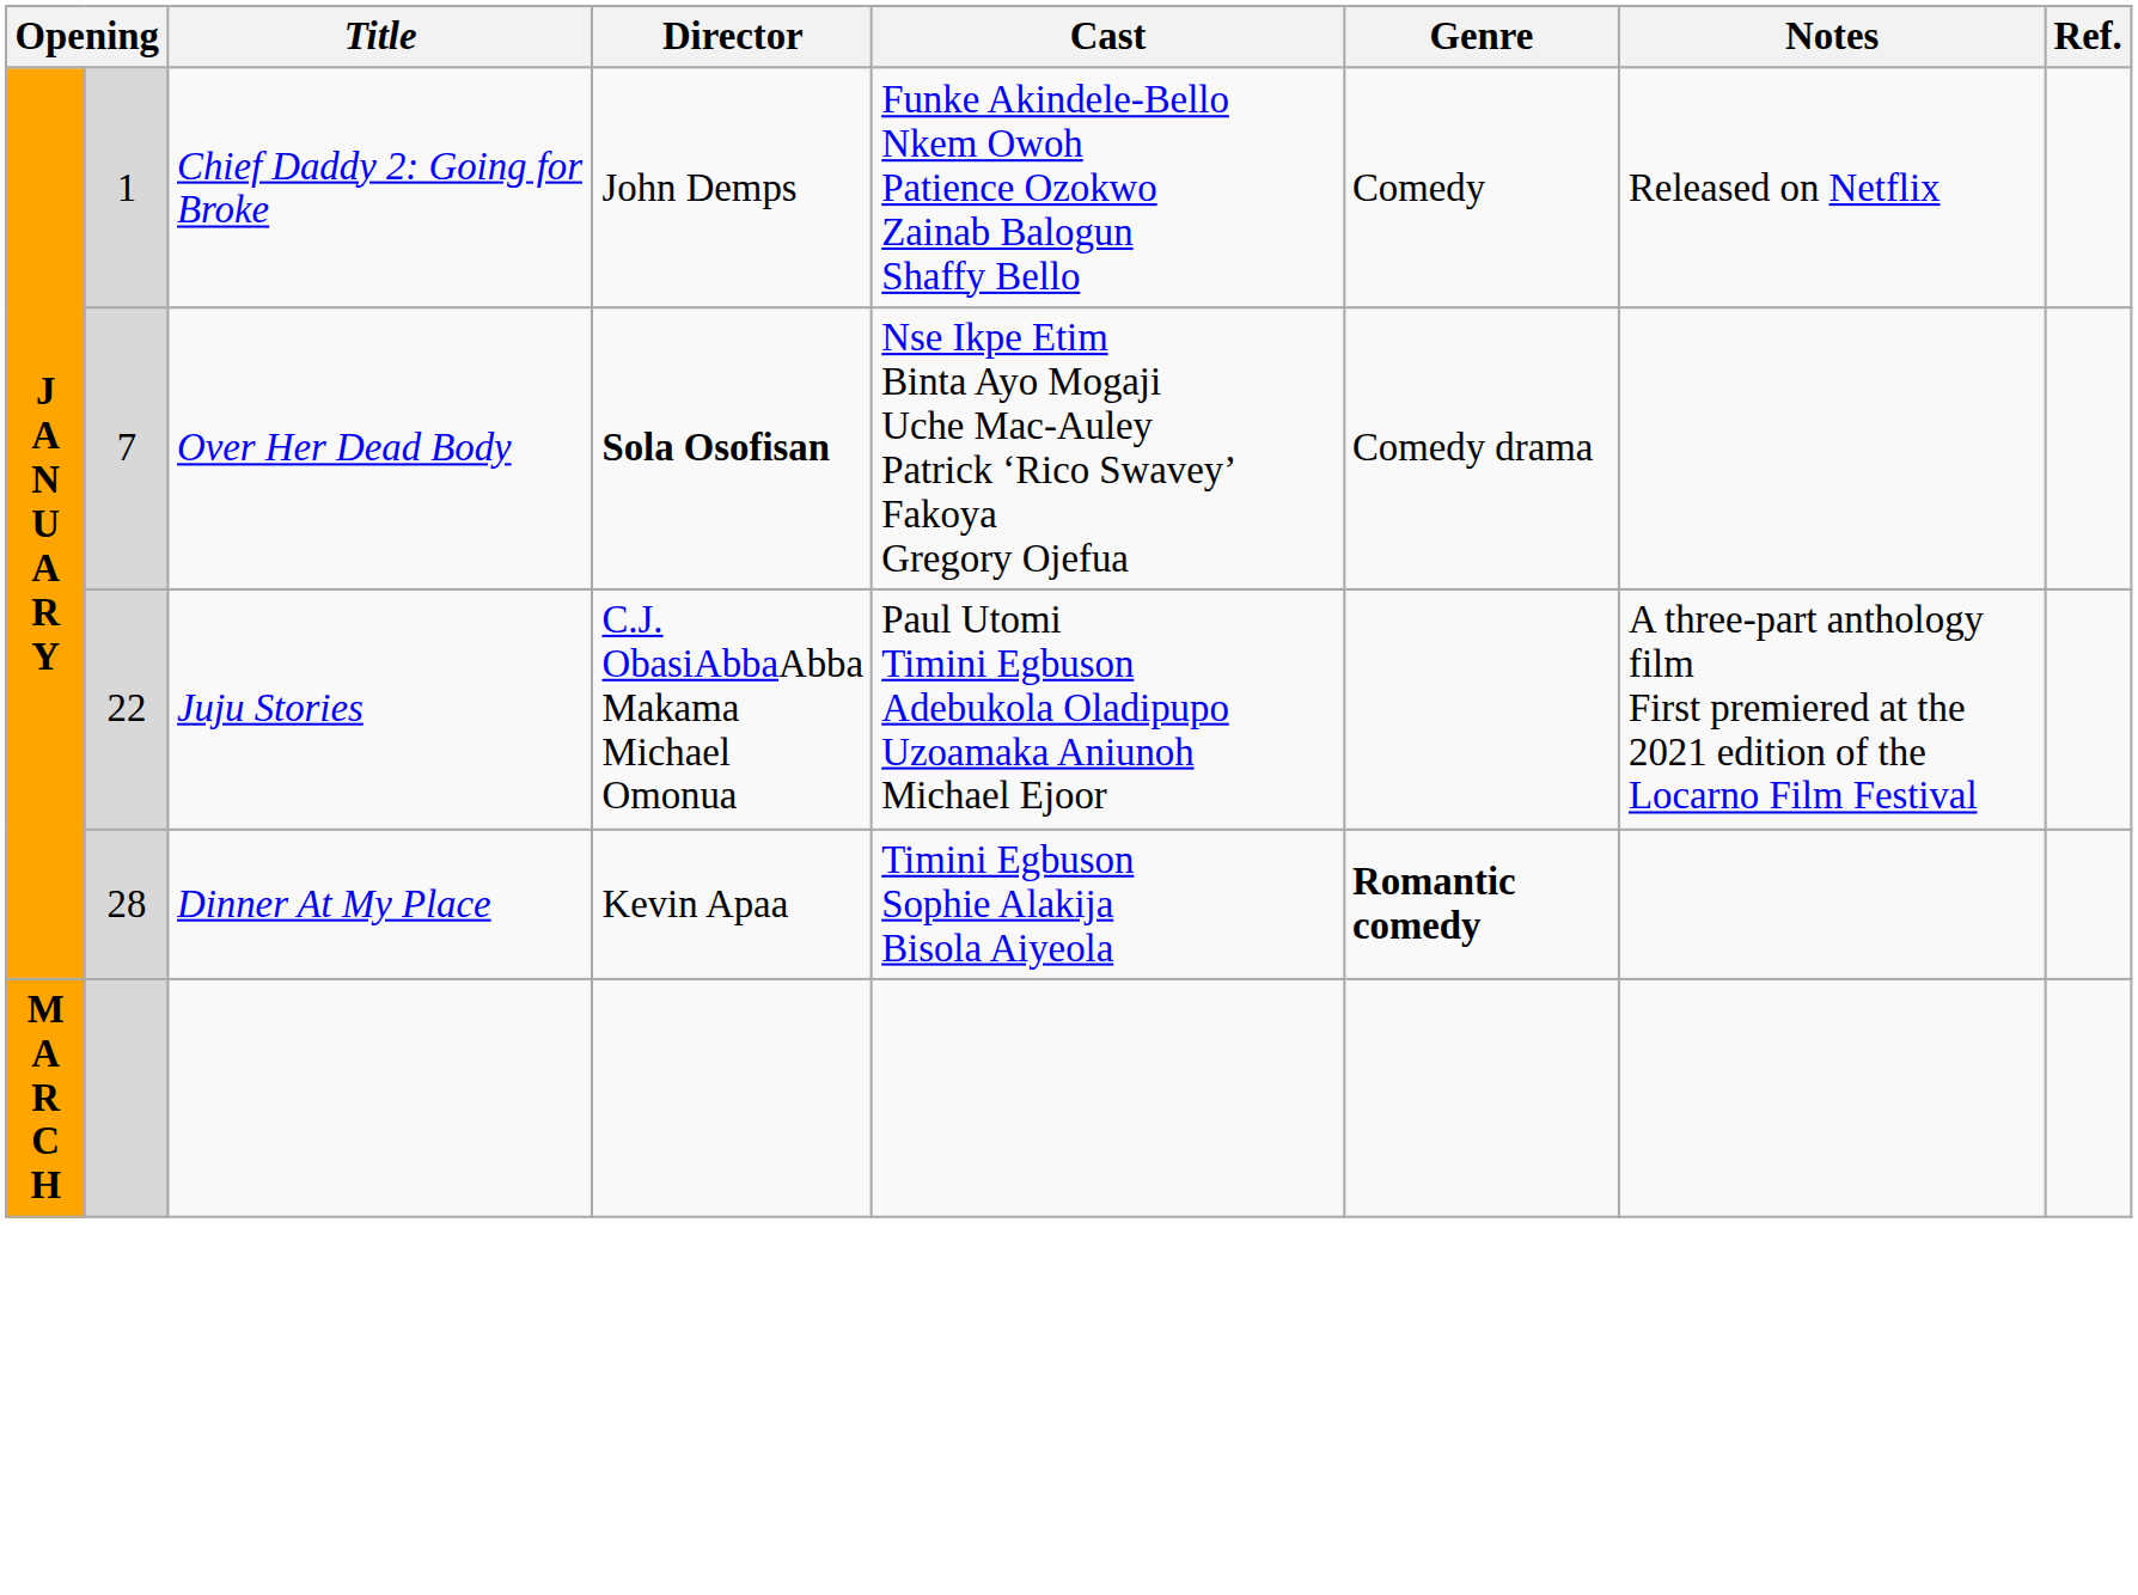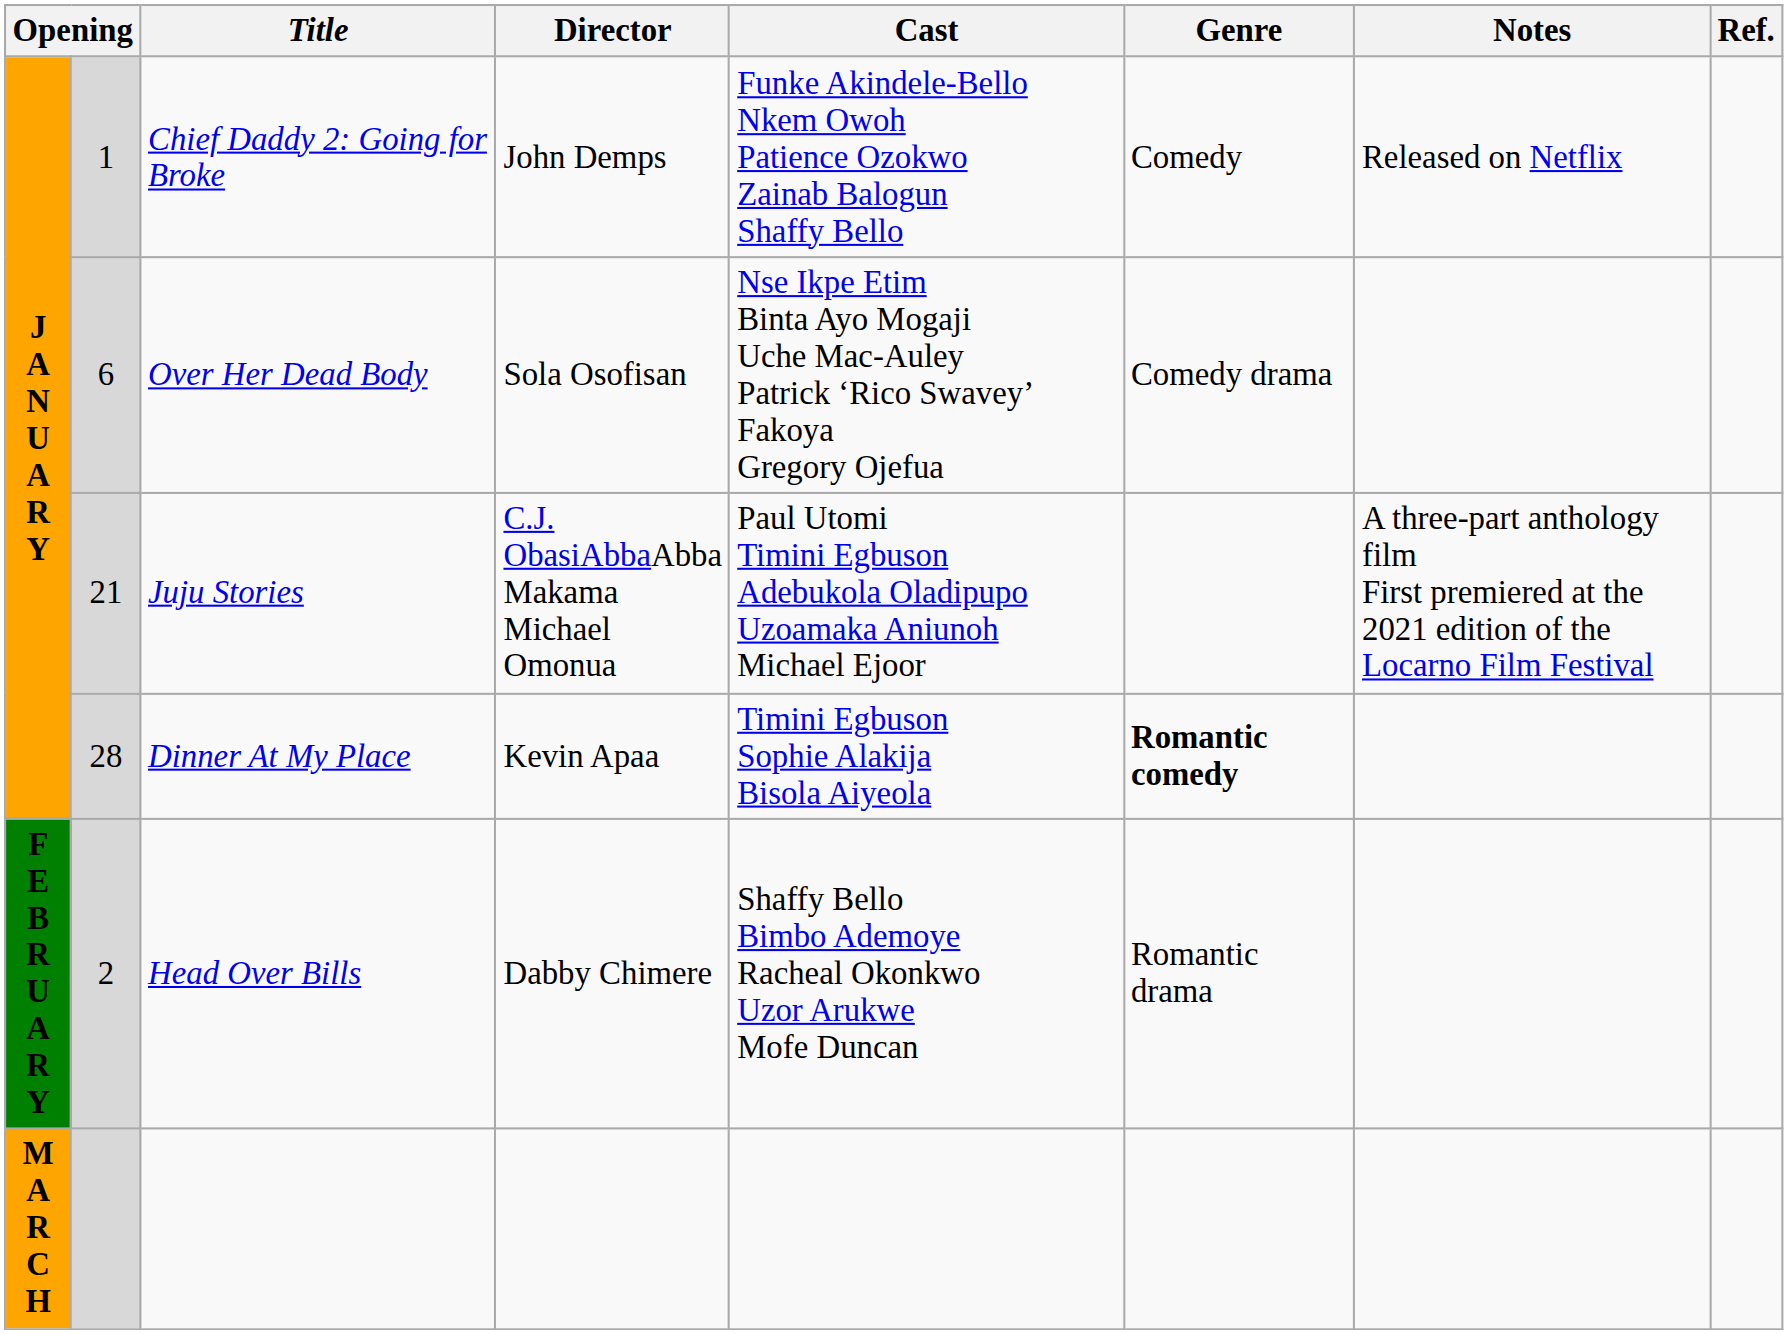 <table class="wikitable">
 <tr>
 <th colspan="2">Opening</th>
 <th style="width:20%;"><em>Title</em></th>
 <th style="width:10%;">Director</th>
 <th>Cast</th>
 <th style="width:13%">Genre</th>
 <th style="width:20%">Notes</th>
 <th>Ref.</th>
 </tr>
 <tr>
 <td rowspan="4" style="text-align:center; background:orange; textcolor:#000;"><strong>J<br>A<br>N<br>U<br>A<br>R<br>Y<br></strong></td>
 <td style="text-align:center; background:#d8d8d8; textcolor:#000;">1</td>
 <td><em><a href='#'>Chief Daddy 2: Going for Broke</a></em></td>
 <td>John Demps</td>
 <td><a href='#'>Funke Akindele-Bello</a><br><a href='#'>Nkem Owoh</a><br><a href='#'>Patience Ozokwo</a><br><a href='#'>Zainab Balogun</a><br><a href='#'>Shaffy Bello</a></td>
 <td>Comedy</td>
 <td>Released on <a href='#'>Netflix</a></td>
 <td></td>
 </tr>
 <tr>
-<td style="text-align:center; background:#d8d8d8; textcolor:#000;">7</td>
+<td style="text-align:center; background:#d8d8d8; textcolor:#000;">6</td>
 <td><em><a href='#'>Over Her Dead Body</a></em></td>
-<td><strong>Sola Osofisan</strong></td>
+<td>Sola Osofisan</td>
 <td><a href='#'>Nse Ikpe Etim</a><br>Binta Ayo Mogaji<br>Uche Mac-Auley<br>Patrick ‘Rico Swavey’ Fakoya<br>Gregory Ojefua</td>
 <td>Comedy drama</td>
 <td></td>
 <td></td>
 </tr>
 <tr>
-<td style="text-align:center; background:#d8d8d8; textcolor:#000;">22</td>
+<td style="text-align:center; background:#d8d8d8; textcolor:#000;">21</td>
 <td><em><a href='#'>Juju Stories</a></em></td>
 <td><a href='#'>C.J. ObasiAbba</a>Abba Makama<br>Michael Omonua</td>
 <td>Paul Utomi<br><a href='#'>Timini Egbuson</a><br><a href='#'>Adebukola Oladipupo</a><br><a href='#'>Uzoamaka Aniunoh</a><br>Michael Ejoor</td>
 <td></td>
 <td>A three-part anthology film<br>First premiered at the 2021 edition of the <a href='#'>Locarno Film Festival</a></td>
 <td></td>
 </tr>
 <tr>
 <td style="text-align:center; background:#d8d8d8; textcolor:#000;">28</td>
 <td><em><a href='#'>Dinner At My Place</a></em></td>
 <td>Kevin Apaa</td>
 <td><a href='#'>Timini Egbuson</a><br><a href='#'>Sophie Alakija</a><br><a href='#'>Bisola Aiyeola</a></td>
 <td><strong>Romantic comedy</strong></td>
 <td></td>
 <td></td>
 </tr>
 <tr>
+<td style="text-align:center; background:green; textcolor:#000;"><strong>F<br>E<br>B<br>R<br>U<br>A<br>R<br>Y<br></strong></td>
+<td rowspan="1" style="text-align:center; background:#d8d8d8; textcolor:#000;">2</td>
+<td><em><a href='#'>Head Over Bills</a></em></td>
+<td>Dabby Chimere</td>
+<td>Shaffy Bello<br><a href='#'>Bimbo Ademoye</a><br>Racheal Okonkwo<br><a href='#'>Uzor Arukwe</a><br>Mofe Duncan</td>
+<td>Romantic drama</td>
+<td></td>
+<td></td>
+</tr>
+<tr>
 <td rowspan="2" style="text-align:center; background:orange; textcolor:#000;"><strong>M<br>A<br>R<br>C<br>H<br></strong></td>
 <td style="text-align:center; background:#d8d8d8; textcolor:#000;"></td>
 <td></td>
 <td></td>
 <td></td>
 <td></td>
 <td></td>
 <td></td>
 </tr>
 </table>
